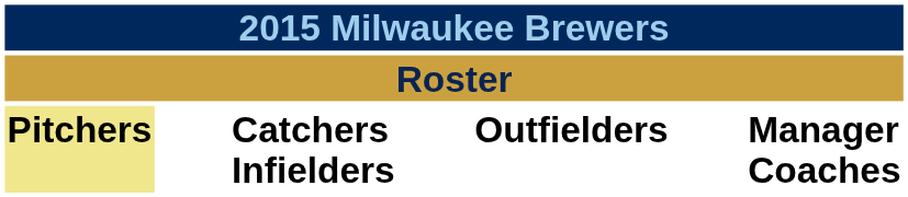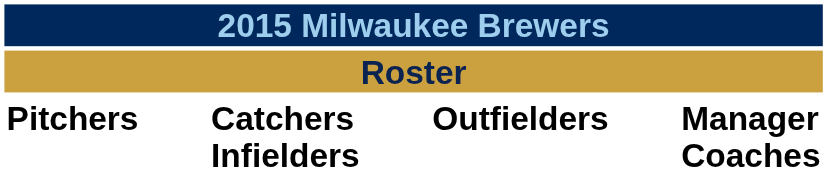 <table class="toccolours" style="font-size: 95%;">
 <tr>
 <th colspan="10" style="background-color: #00285D; color: #9ECEEE; text-align: center;">2015 Milwaukee Brewers</th>
 </tr>
 <tr>
 <td colspan="10" style="background-color: #CBA140; color: #0a2351; text-align: center;"><strong>Roster</strong></td>
 </tr>
 <tr>
-<td valign="top" style="background: khaki;"><strong>Pitchers</strong><br>                         </td>
+<td valign="top"><strong>Pitchers</strong><br>                         </td>
 <td width="25px"></td>
 <td valign="top"><strong>Catchers</strong><br>    <strong>Infielders</strong>           </td>
 <td width="25px"></td>
 <td valign="top"><strong>Outfielders</strong><br>       </td>
 <td width="25px"></td>
 <td valign="top"><strong>Manager</strong><br>  <strong>Coaches</strong>                </td>
 </tr>
 <tr>
 </tr>
 </table>
